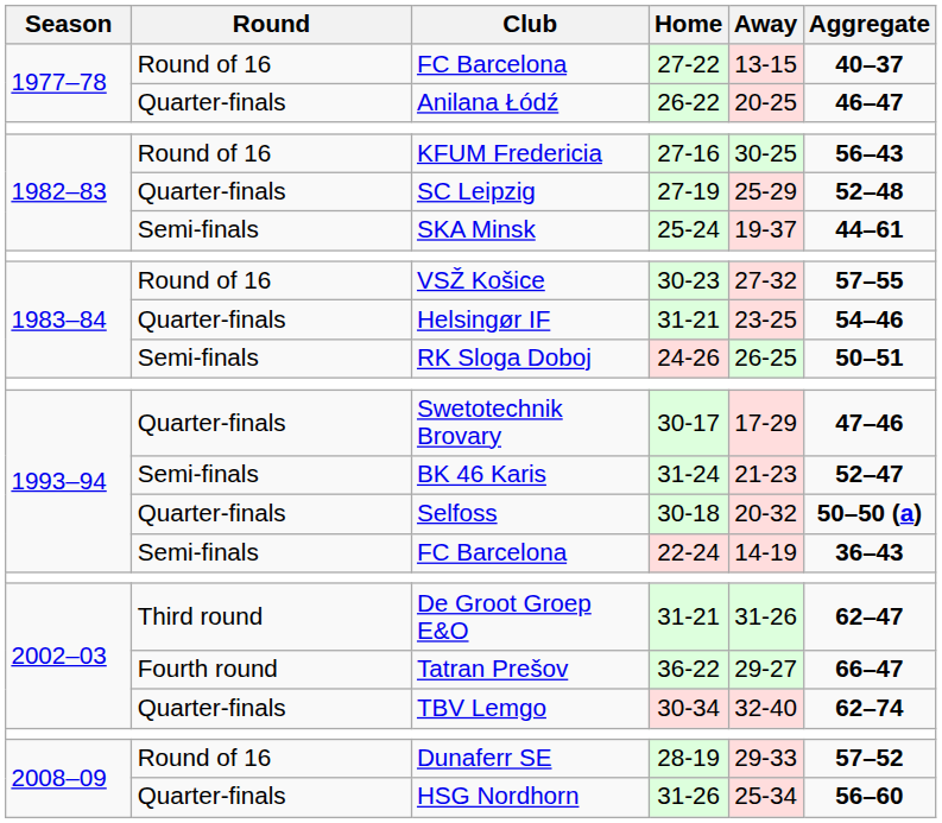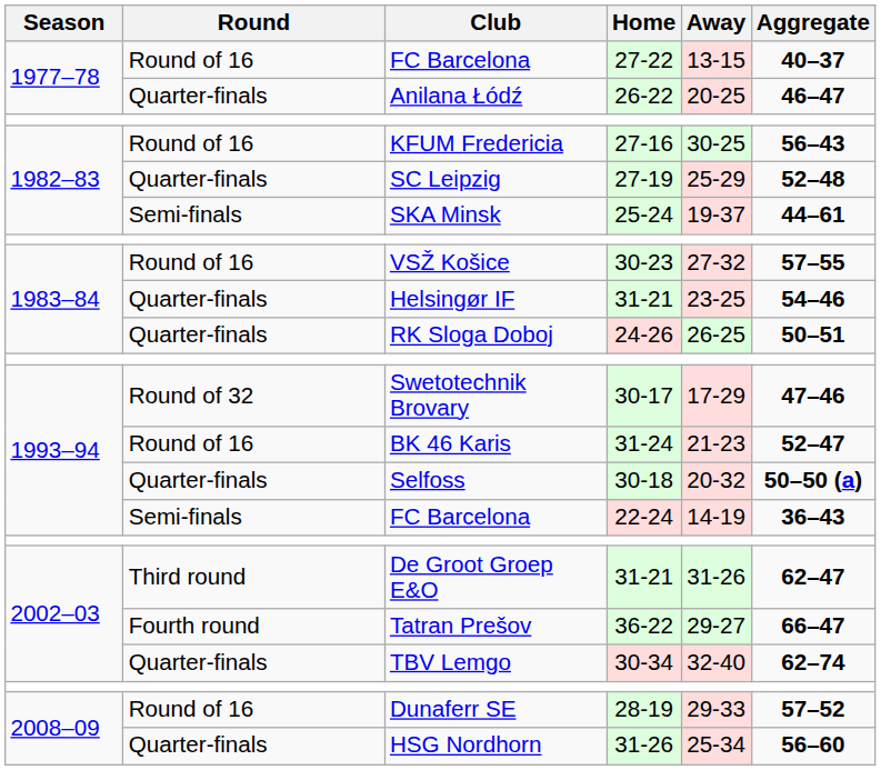 <table class="wikitable">
 <tr>
 <th width=75>Season</th>
 <th width=175>Round</th>
 <th>Club</th>
 <th>Home</th>
 <th>Away</th>
 <th>Aggregate</th>
 </tr>
 <tr>
 <td rowspan=2><a href='#'>1977–78</a></td>
 <td>Round of 16</td>
 <td> <a href='#'>FC Barcelona</a></td>
 <td style="text-align:center; background:#dfd;">27-22</td>
 <td style="text-align:center; background:#fdd;">13-15</td>
 <td style="text-align:center;"><strong>40–37</strong></td>
 </tr>
 <tr>
 <td>Quarter-finals</td>
 <td> <a href='#'>Anilana Łódź</a></td>
 <td style="text-align:center; background:#dfd;">26-22</td>
 <td style="text-align:center; background:#fdd;">20-25</td>
 <td style="text-align:center;"><strong>46–47</strong></td>
 </tr>
 <tr>
 <td colspan=7 style="text-align: center;" bgcolor=white></td>
 </tr>
 <tr>
 <td rowspan=3><a href='#'>1982–83</a></td>
 <td>Round of 16</td>
 <td> <a href='#'>KFUM Fredericia</a></td>
 <td style="text-align:center; background:#dfd;">27-16</td>
 <td style="text-align:center; background:#dfd;">30-25</td>
 <td style="text-align:center;"><strong>56–43</strong></td>
 </tr>
 <tr>
 <td>Quarter-finals</td>
 <td> <a href='#'>SC Leipzig</a></td>
 <td style="text-align:center; background:#dfd;">27-19</td>
 <td style="text-align:center; background:#fdd;">25-29</td>
 <td style="text-align:center;"><strong>52–48</strong></td>
 </tr>
 <tr>
 <td>Semi-finals</td>
 <td> <a href='#'>SKA Minsk</a></td>
 <td style="text-align:center; background:#dfd;">25-24</td>
 <td style="text-align:center; background:#fdd;">19-37</td>
 <td style="text-align:center;"><strong>44–61</strong></td>
 </tr>
 <tr>
 <td colspan=7 style="text-align: center;" bgcolor=white></td>
 </tr>
 <tr>
 <td rowspan=3><a href='#'>1983–84</a></td>
 <td>Round of 16</td>
 <td> <a href='#'>VSŽ Košice</a></td>
 <td style="text-align:center; background:#dfd;">30-23</td>
 <td style="text-align:center; background:#fdd;">27-32</td>
 <td style="text-align:center;"><strong>57–55</strong></td>
 </tr>
 <tr>
 <td>Quarter-finals</td>
 <td> <a href='#'>Helsingør IF</a></td>
 <td style="text-align:center; background:#dfd;">31-21</td>
 <td style="text-align:center; background:#fdd;">23-25</td>
 <td style="text-align:center;"><strong>54–46</strong></td>
 </tr>
 <tr>
-<td>Semi-finals</td>
+<td>Quarter-finals</td>
 <td> <a href='#'>RK Sloga Doboj</a></td>
 <td style="text-align:center; background:#fdd;">24-26</td>
 <td style="text-align:center; background:#dfd;">26-25</td>
 <td style="text-align:center;"><strong>50–51</strong></td>
 </tr>
 <tr>
 <td colspan=7 style="text-align: center;" bgcolor=white></td>
 </tr>
 <tr>
 <td rowspan=4><a href='#'>1993–94</a></td>
-<td>Quarter-finals</td>
+<td>Round of 32</td>
 <td> <a href='#'>Swetotechnik Brovary</a></td>
 <td style="text-align:center; background:#dfd;">30-17</td>
 <td style="text-align:center; background:#fdd;">17-29</td>
 <td style="text-align:center;"><strong>47–46</strong></td>
 </tr>
 <tr>
-<td>Semi-finals</td>
+<td>Round of 16</td>
 <td> <a href='#'>BK 46 Karis</a></td>
 <td style="text-align:center; background:#dfd;">31-24</td>
 <td style="text-align:center; background:#fdd;">21-23</td>
 <td style="text-align:center;"><strong>52–47</strong></td>
 </tr>
 <tr>
 <td>Quarter-finals</td>
 <td> <a href='#'>Selfoss</a></td>
 <td style="text-align:center; background:#dfd;">30-18</td>
 <td style="text-align:center; background:#fdd;">20-32</td>
 <td style="text-align:center;"><strong>50–50 (<a href='#'>a</a>)</strong></td>
 </tr>
 <tr>
 <td>Semi-finals</td>
 <td> <a href='#'>FC Barcelona</a></td>
 <td style="text-align:center; background:#fdd;">22-24</td>
 <td style="text-align:center; background:#fdd;">14-19</td>
 <td style="text-align:center;"><strong>36–43</strong></td>
 </tr>
 <tr>
 <td colspan=7 style="text-align: center;" bgcolor=white></td>
 </tr>
 <tr>
 <td rowspan=3><a href='#'>2002–03</a></td>
 <td>Third round</td>
 <td> <a href='#'>De Groot Groep E&O</a></td>
 <td style="text-align:center; background:#dfd;">31-21</td>
 <td style="text-align:center; background:#dfd;">31-26</td>
 <td style="text-align:center;"><strong>62–47</strong></td>
 </tr>
 <tr>
 <td>Fourth round</td>
 <td> <a href='#'>Tatran Prešov</a></td>
 <td style="text-align:center; background:#dfd;">36-22</td>
 <td style="text-align:center; background:#dfd;">29-27</td>
 <td style="text-align:center;"><strong>66–47</strong></td>
 </tr>
 <tr>
 <td>Quarter-finals</td>
 <td> <a href='#'>TBV Lemgo</a></td>
 <td style="text-align:center; background:#fdd;">30-34</td>
 <td style="text-align:center; background:#fdd;">32-40</td>
 <td style="text-align:center;"><strong>62–74</strong></td>
 </tr>
 <tr>
 <td colspan=7 style="text-align: center;" bgcolor=white></td>
 </tr>
 <tr>
 <td rowspan=2><a href='#'>2008–09</a></td>
 <td>Round of 16</td>
 <td> <a href='#'>Dunaferr SE</a></td>
 <td style="text-align:center; background:#dfd;">28-19</td>
 <td style="text-align:center; background:#fdd;">29-33</td>
 <td style="text-align:center;"><strong>57–52</strong></td>
 </tr>
 <tr>
 <td>Quarter-finals</td>
 <td> <a href='#'>HSG Nordhorn</a></td>
 <td style="text-align:center; background:#dfd;">31-26</td>
 <td style="text-align:center; background:#fdd;">25-34</td>
 <td style="text-align:center;"><strong>56–60</strong></td>
 </tr>
 </table>
